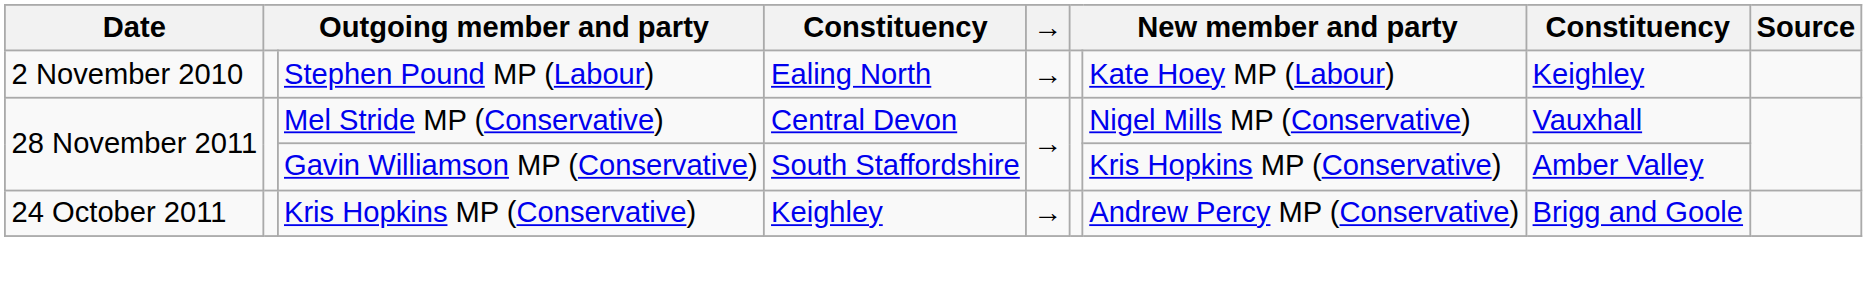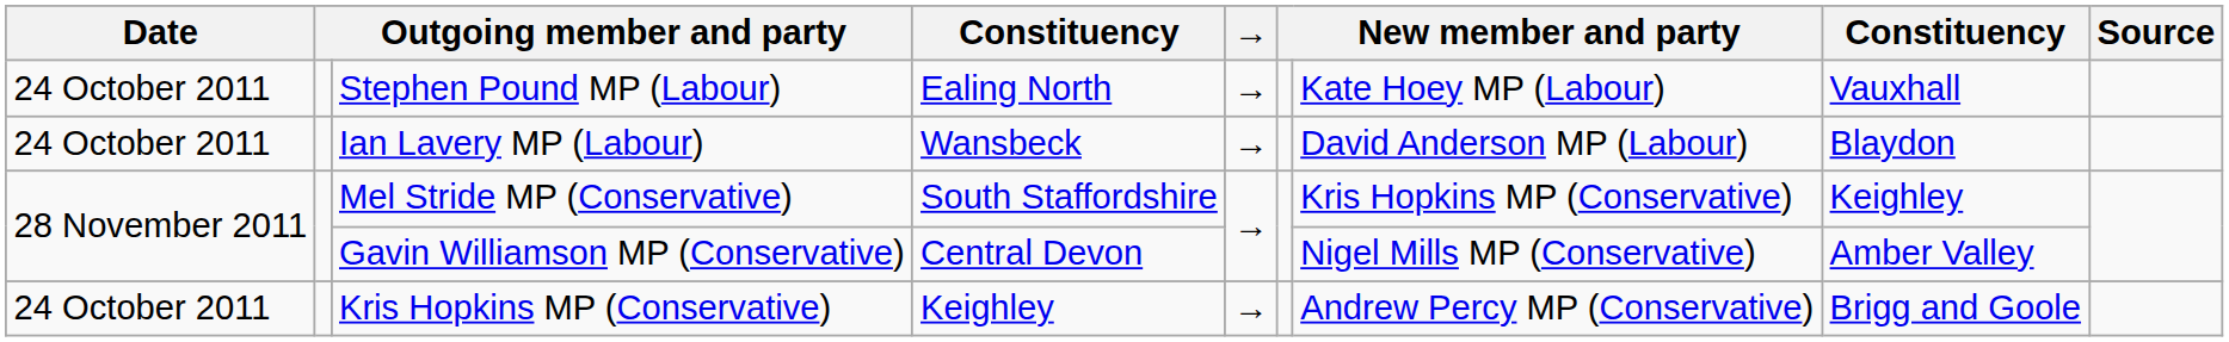 <table class="wikitable">
 <tr>
 <th valign="top">Date</th>
 <th colspan="2" valign="top">Outgoing member and party</th>
 <th valign="top">Constituency</th>
 <th>→</th>
 <th colspan="2" valign="top">New member and party</th>
 <th valign="top">Constituency</th>
 <th valign="top">Source</th>
 </tr>
 <tr>
-<td>2 November 2010</td>
+<td>24 October 2011</td>
 <td style="color:inherit;background:"></td>
 <td><a href='#'>Stephen Pound</a> MP (<a href='#'>Labour</a>)</td>
 <td><a href='#'>Ealing North</a></td>
 <td>→</td>
 <td style="color:inherit;background:"></td>
 <td><a href='#'>Kate Hoey</a> MP (<a href='#'>Labour</a>)</td>
-<td><a href='#'>Keighley</a></td>
+<td><a href='#'>Vauxhall</a></td>
+<td></td>
+</tr>
+<tr>
+<td>24 October 2011</td>
+<td style="color:inherit;background:"></td>
+<td><a href='#'>Ian Lavery</a> MP (<a href='#'>Labour</a>)</td>
+<td><a href='#'>Wansbeck</a></td>
+<td>→</td>
+<td style="color:inherit;background:"></td>
+<td><a href='#'>David Anderson</a> MP (<a href='#'>Labour</a>)</td>
+<td><a href='#'>Blaydon</a></td>
 <td></td>
 </tr>
 <tr>
 <td rowspan=2>28 November 2011</td>
 <td rowspan=2 style="color:inherit;background:"></td>
 <td><a href='#'>Mel Stride</a> MP (<a href='#'>Conservative</a>)</td>
-<td><a href='#'>Central Devon</a></td>
+<td><a href='#'>South Staffordshire</a></td>
 <td rowspan=2>→</td>
 <td rowspan=2 style="color:inherit;background:"></td>
-<td><a href='#'>Nigel Mills</a> MP (<a href='#'>Conservative</a>)</td>
-<td><a href='#'>Vauxhall</a></td>
+<td><a href='#'>Kris Hopkins</a> MP (<a href='#'>Conservative</a>)</td>
+<td><a href='#'>Keighley</a></td>
 <td rowspan=2></td>
 </tr>
 <tr>
 <td><a href='#'>Gavin Williamson</a> MP (<a href='#'>Conservative</a>)</td>
-<td><a href='#'>South Staffordshire</a></td>
-<td><a href='#'>Kris Hopkins</a> MP (<a href='#'>Conservative</a>)</td>
+<td><a href='#'>Central Devon</a></td>
+<td><a href='#'>Nigel Mills</a> MP (<a href='#'>Conservative</a>)</td>
 <td><a href='#'>Amber Valley</a></td>
 </tr>
 <tr>
 <td>24 October 2011</td>
 <td style="color:inherit;background:"></td>
 <td><a href='#'>Kris Hopkins</a> MP (<a href='#'>Conservative</a>)</td>
 <td><a href='#'>Keighley</a></td>
 <td>→</td>
 <td style="color:inherit;background:"></td>
 <td><a href='#'>Andrew Percy</a> MP (<a href='#'>Conservative</a>)</td>
 <td><a href='#'>Brigg and Goole</a></td>
 <td></td>
 </tr>
 </table>
